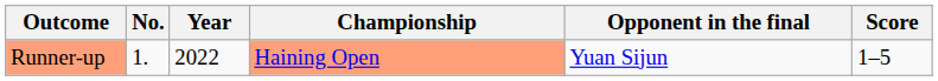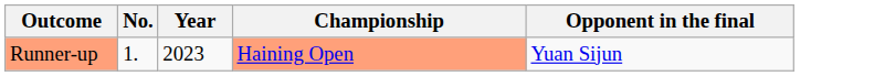 <table class="wikitable sortable">
 <tr>
 <th style="width:80px;">Outcome</th>
 <th style="width:20px;">No.</th>
 <th style="width:50px;">Year</th>
 <th style="width:220px;">Championship</th>
 <th style="width:200px;">Opponent in the final</th>
-<th style="width:50px;">Score</th>
 </tr>
 <tr>
 <td style="background:#ffa07a;">Runner-up</td>
 <td>1.</td>
-<td>2022</td>
+<td>2023</td>
 <td style="background: lightsalmon;"><a href='#'>Haining Open</a></td>
 <td> <a href='#'>Yuan Sijun</a></td>
-<td>1–5 </td>
 </tr>
 </table>
